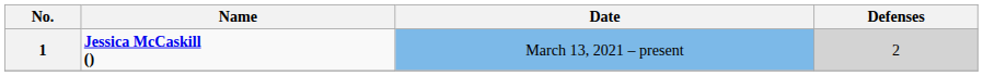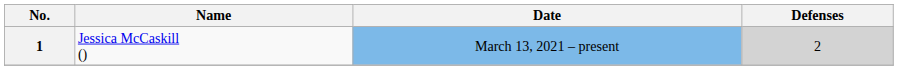 <table class="wikitable sortable" style="width:80%;">
 <tr>
 <th>No.</th>
 <th>Name</th>
 <th>Date</th>
 <th>Defenses</th>
 </tr>
 <tr align=center>
 <th>1</th>
-<td align=left><strong> <a href='#'>Jessica McCaskill</a><br>()</strong></td>
+<td align=left> <a href='#'>Jessica McCaskill</a><br>()</td>
 <td style="background:#7CB9E8;">March 13, 2021 – present</td>
 <td style="background: lightgrey;">2</td>
 </tr>
 <tr>
 </tr>
 </table>
